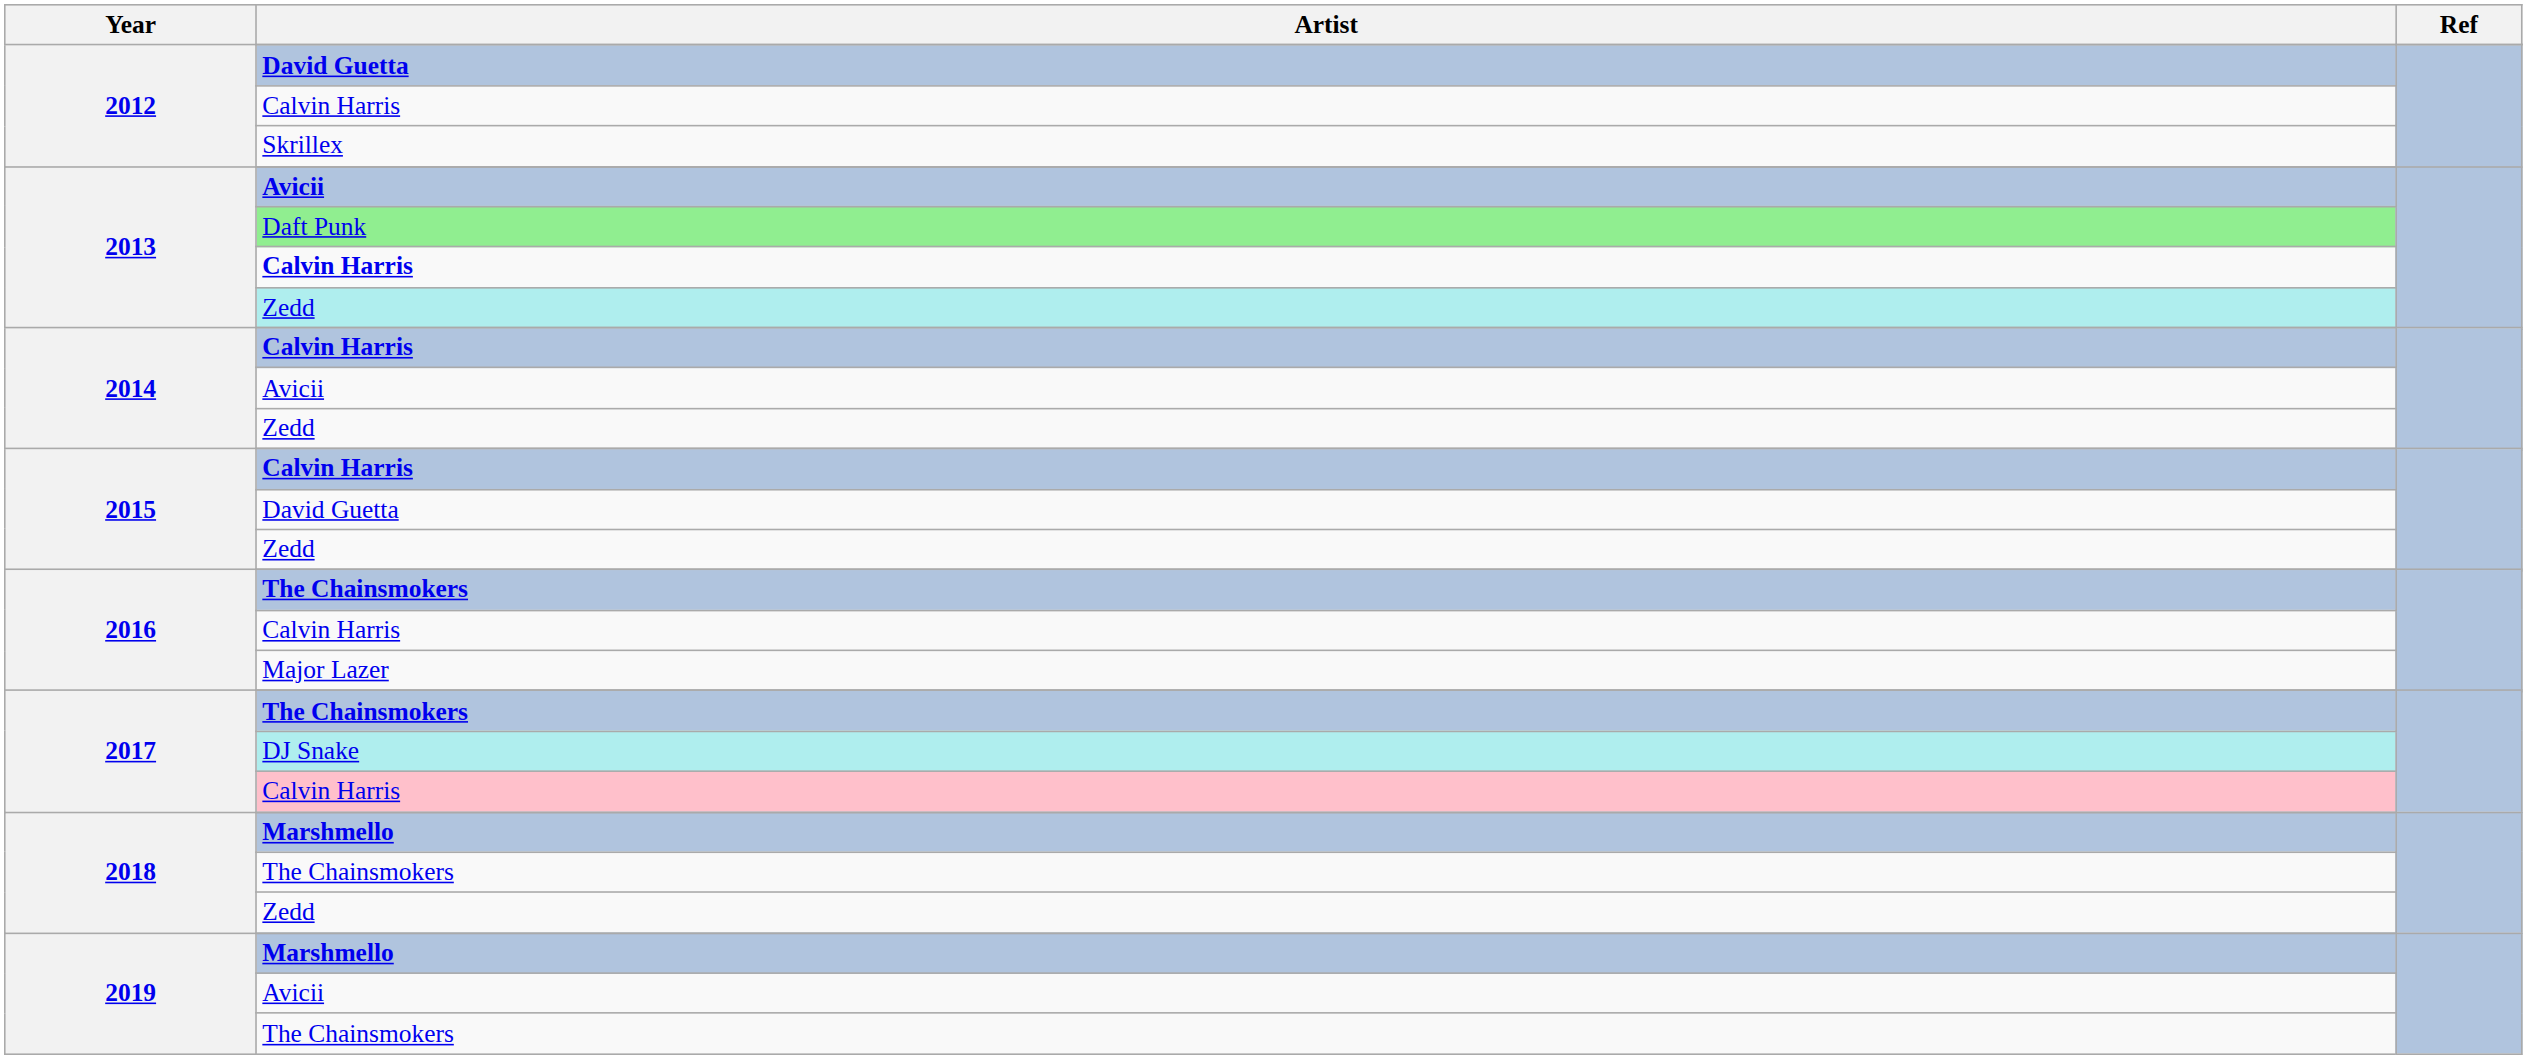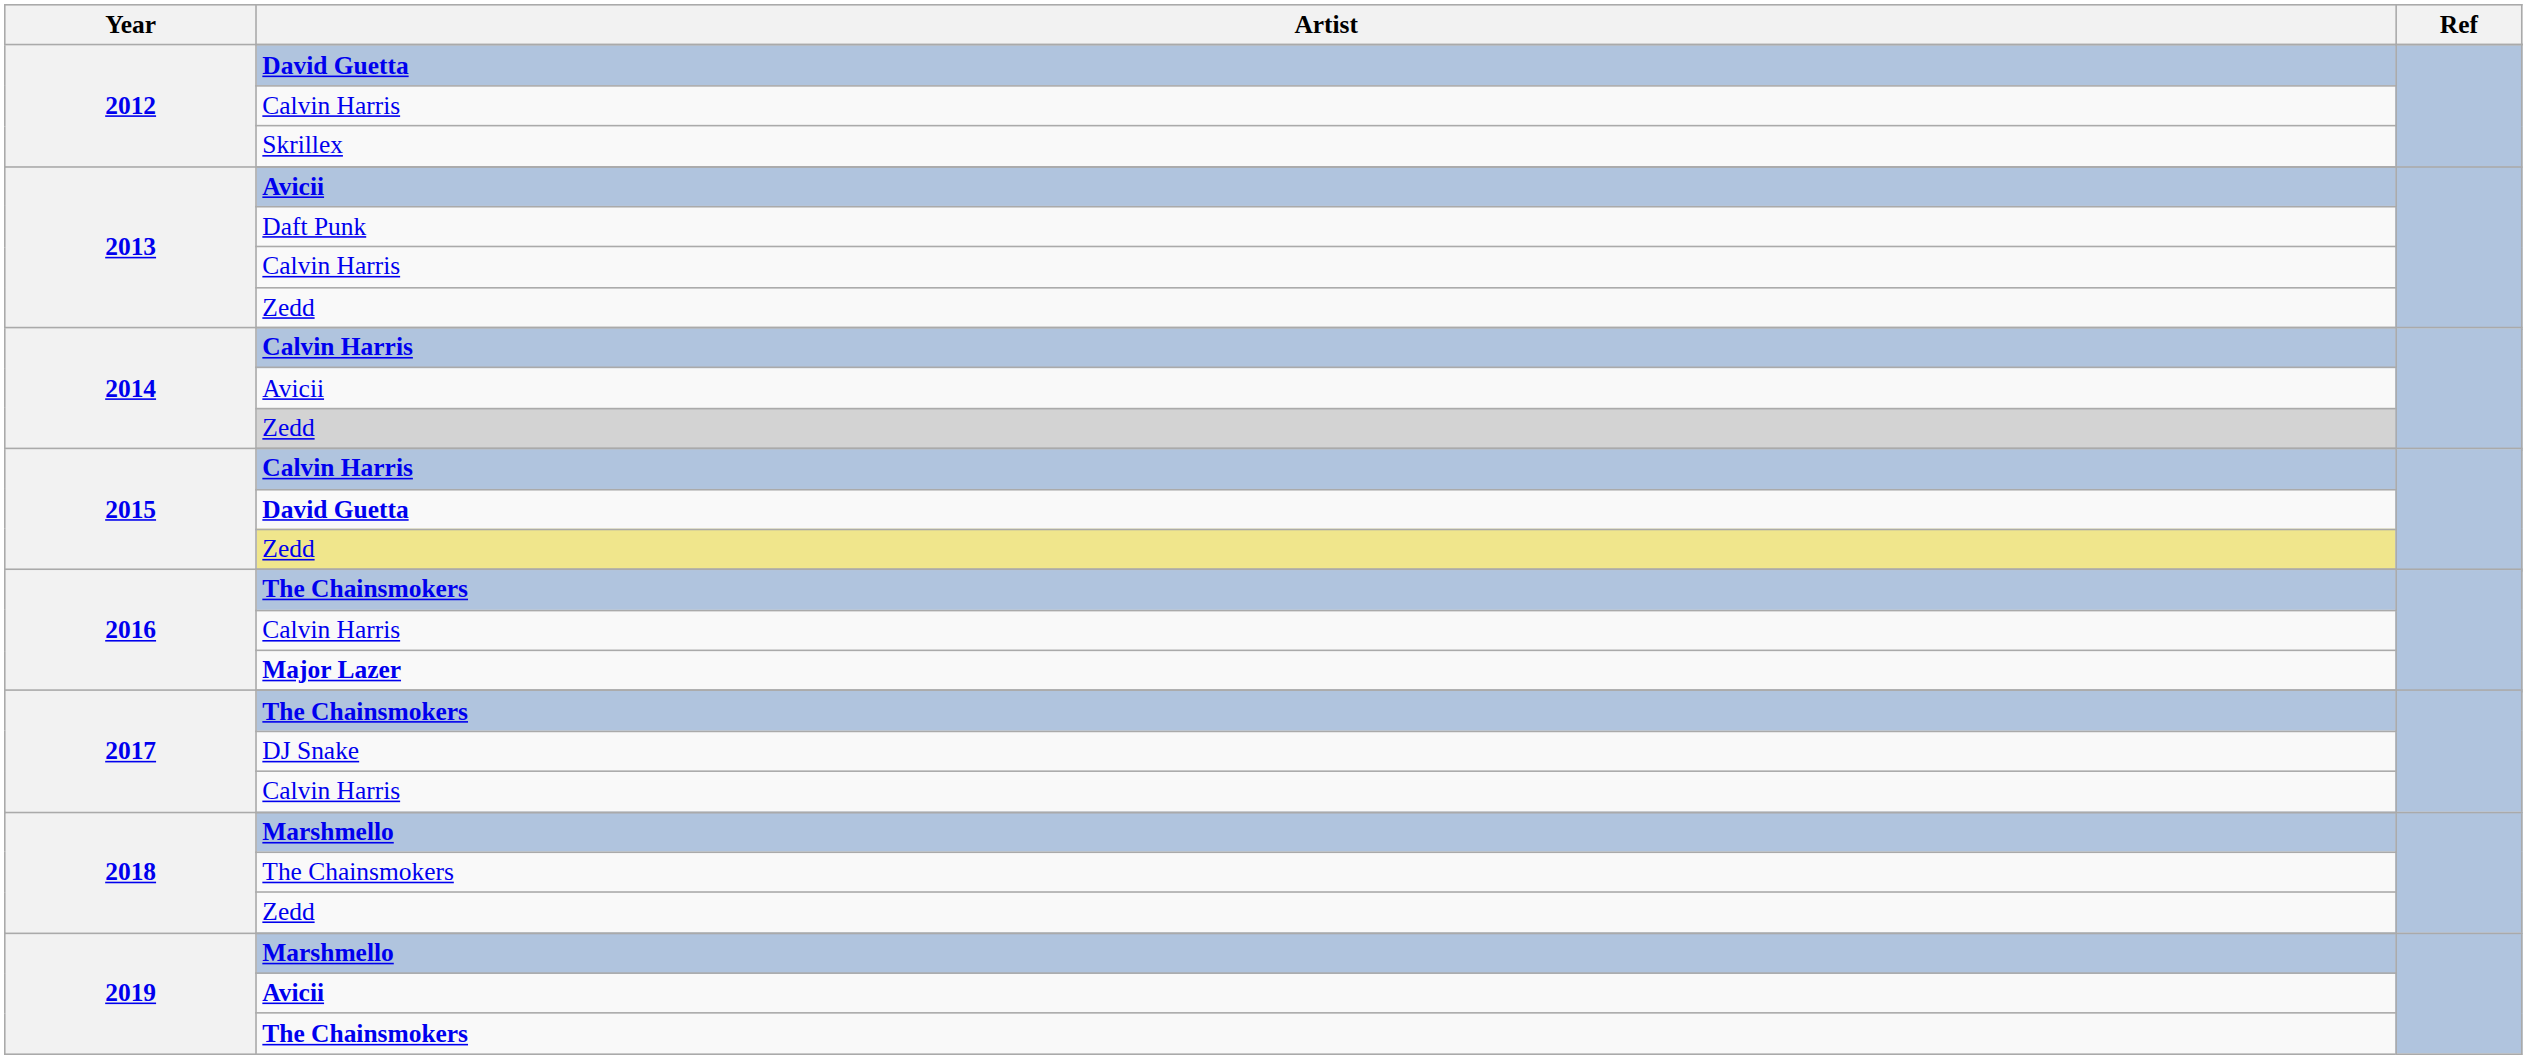 <table class="wikitable" width="100%">
 <tr>
 <th width="10%">Year</th>
 <th width="85%">Artist</th>
 <th width="5%">Ref</th>
 </tr>
 <tr>
 <th rowspan="4" align="center"><a href='#'>2012<br></a></th>
 </tr>
 <tr style="background:#B0C4DE">
 <td><strong><a href='#'>David Guetta</a></strong></td>
 <td rowspan="4" align="center"></td>
 </tr>
 <tr>
 <td><a href='#'>Calvin Harris</a></td>
 </tr>
 <tr>
 <td><a href='#'>Skrillex</a></td>
 </tr>
 <tr>
 <th rowspan="5" align="center"><a href='#'>2013<br></a></th>
 </tr>
 <tr style="background:#B0C4DE">
 <td><strong><a href='#'>Avicii</a></strong></td>
 <td rowspan="5" align="center"></td>
 </tr>
 <tr>
-<td style="background: lightgreen;"><a href='#'>Daft Punk</a></td>
+<td><a href='#'>Daft Punk</a></td>
 </tr>
 <tr>
-<td><strong><a href='#'>Calvin Harris</a></strong></td>
+<td><a href='#'>Calvin Harris</a></td>
 </tr>
 <tr>
-<td style="background: paleturquoise;"><a href='#'>Zedd</a></td>
+<td><a href='#'>Zedd</a></td>
 </tr>
 <tr>
 <th rowspan="4" align="center"><a href='#'>2014<br></a></th>
 </tr>
 <tr style="background:#B0C4DE">
 <td><strong><a href='#'>Calvin Harris</a></strong></td>
 <td rowspan="4" align="center"></td>
 </tr>
 <tr>
 <td><a href='#'>Avicii</a></td>
 </tr>
 <tr>
-<td><a href='#'>Zedd</a></td>
+<td style="background: lightgrey;"><a href='#'>Zedd</a></td>
 </tr>
 <tr>
 <th rowspan="4" align="center"><a href='#'>2015<br></a></th>
 </tr>
 <tr style="background:#B0C4DE">
 <td><strong><a href='#'>Calvin Harris</a></strong></td>
 <td rowspan="4" align="center"></td>
 </tr>
 <tr>
-<td><a href='#'>David Guetta</a></td>
+<td><strong><a href='#'>David Guetta</a></strong></td>
 </tr>
 <tr>
-<td><a href='#'>Zedd</a></td>
+<td style="background: khaki;"><a href='#'>Zedd</a></td>
 </tr>
 <tr>
 <th rowspan="4" align="center"><a href='#'>2016<br></a></th>
 </tr>
 <tr style="background:#B0C4DE">
 <td><strong><a href='#'>The Chainsmokers</a></strong></td>
 <td rowspan="4" align="center"></td>
 </tr>
 <tr>
 <td><a href='#'>Calvin Harris</a></td>
 </tr>
 <tr>
-<td><a href='#'>Major Lazer</a></td>
+<td><strong><a href='#'>Major Lazer</a></strong></td>
 </tr>
 <tr>
 <th rowspan="4" align="center"><a href='#'>2017<br></a></th>
 </tr>
 <tr style="background:#B0C4DE">
 <td><strong><a href='#'>The Chainsmokers</a></strong></td>
 <td rowspan="4" align="center"></td>
 </tr>
 <tr>
-<td style="background: paleturquoise;"><a href='#'>DJ Snake</a></td>
+<td><a href='#'>DJ Snake</a></td>
 </tr>
 <tr>
-<td style="background: pink;"><a href='#'>Calvin Harris</a></td>
+<td><a href='#'>Calvin Harris</a></td>
 </tr>
 <tr>
 <th rowspan="4" align="center"><a href='#'>2018<br></a></th>
 </tr>
 <tr style="background:#B0C4DE">
 <td><strong><a href='#'>Marshmello</a></strong></td>
 <td rowspan="4" align="center"></td>
 </tr>
 <tr>
 <td><a href='#'>The Chainsmokers</a></td>
 </tr>
 <tr>
 <td><a href='#'>Zedd</a></td>
 </tr>
 <tr>
 <th rowspan="4" align="center"><a href='#'>2019<br></a></th>
 </tr>
 <tr style="background:#B0C4DE">
 <td><strong><a href='#'>Marshmello</a></strong></td>
 <td rowspan="4" align="center"></td>
 </tr>
 <tr>
-<td><a href='#'>Avicii</a></td>
+<td><strong><a href='#'>Avicii</a></strong></td>
 </tr>
 <tr>
-<td><a href='#'>The Chainsmokers</a></td>
+<td><strong><a href='#'>The Chainsmokers</a></strong></td>
 </tr>
 </table>
